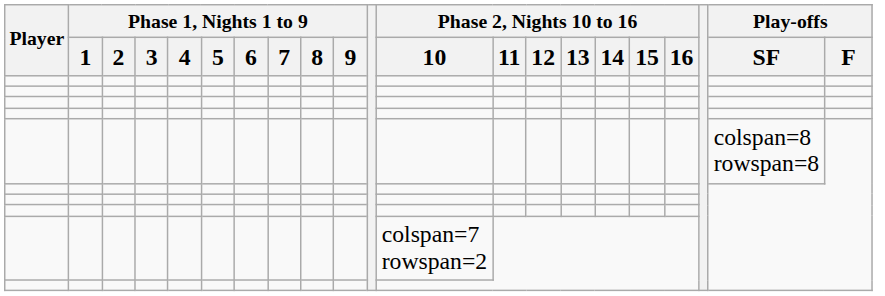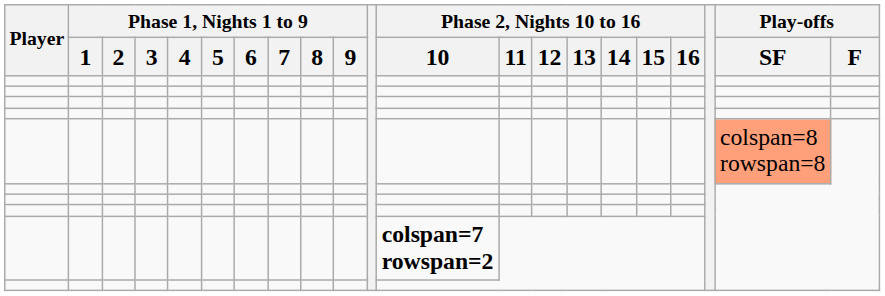 <table class="wikitable">
 <tr style="font-size:10pt;font-weight:bold">
 <th rowspan=2>Player</th>
 <th colspan=9>Phase 1, Nights 1 to 9</th>
 <th rowspan=12></th>
 <th colspan=7>Phase 2, Nights 10 to 16</th>
 <th rowspan=12></th>
 <th colspan=2 rowspan=1>Play-offs</th>
 </tr>
 <tr>
 <th style="width:15px;">1</th>
 <th style="width:15px;">2</th>
 <th style="width:15px;">3</th>
 <th style="width:15px;">4</th>
 <th style="width:15px;">5</th>
 <th style="width:15px;">6</th>
 <th style="width:15px;">7</th>
 <th style="width:15px;">8</th>
 <th style="width:15px;">9</th>
 <th style="width:15px;">10</th>
 <th style="width:15px;">11</th>
 <th style="width:15px;">12</th>
 <th style="width:15px;">13</th>
 <th style="width:15px;">14</th>
 <th style="width:15px;">15</th>
 <th style="width:15px;">16</th>
 <th style="width:25px;">SF</th>
 <th style="width:25px;">F</th>
 </tr>
 <tr>
 <td></td>
 <td></td>
 <td></td>
 <td></td>
 <td></td>
 <td></td>
 <td></td>
 <td></td>
 <td></td>
 <td></td>
 <td></td>
 <td></td>
 <td></td>
 <td></td>
 <td></td>
 <td></td>
 <td></td>
 <td></td>
 <td></td>
 </tr>
 <tr>
 <td></td>
 <td></td>
 <td></td>
 <td></td>
 <td></td>
 <td></td>
 <td></td>
 <td></td>
 <td></td>
 <td></td>
 <td></td>
 <td></td>
 <td></td>
 <td></td>
 <td></td>
 <td></td>
 <td></td>
 <td></td>
 <td></td>
 </tr>
 <tr>
 <td></td>
 <td></td>
 <td></td>
 <td></td>
 <td></td>
 <td></td>
 <td></td>
 <td></td>
 <td></td>
 <td></td>
 <td></td>
 <td></td>
 <td></td>
 <td></td>
 <td></td>
 <td></td>
 <td></td>
 <td></td>
 <td></td>
 </tr>
 <tr>
 <td></td>
 <td></td>
 <td></td>
 <td></td>
 <td></td>
 <td></td>
 <td></td>
 <td></td>
 <td></td>
 <td></td>
 <td></td>
 <td></td>
 <td></td>
 <td></td>
 <td></td>
 <td></td>
 <td></td>
 <td></td>
 <td></td>
 </tr>
 <tr>
 <td></td>
 <td></td>
 <td></td>
 <td></td>
 <td></td>
 <td></td>
 <td></td>
 <td></td>
 <td></td>
 <td></td>
 <td></td>
 <td></td>
 <td></td>
 <td></td>
 <td></td>
 <td></td>
 <td></td>
-<td>colspan=8 rowspan=8</td>
+<td style="background: lightsalmon;">colspan=8 rowspan=8</td>
 </tr>
 <tr>
 <td></td>
 <td></td>
 <td></td>
 <td></td>
 <td></td>
 <td></td>
 <td></td>
 <td></td>
 <td></td>
 <td></td>
 <td></td>
 <td></td>
 <td></td>
 <td></td>
 <td></td>
 <td></td>
 <td></td>
 </tr>
 <tr>
 <td></td>
 <td></td>
 <td></td>
 <td></td>
 <td></td>
 <td></td>
 <td></td>
 <td></td>
 <td></td>
 <td></td>
 <td></td>
 <td></td>
 <td></td>
 <td></td>
 <td></td>
 <td></td>
 <td></td>
 </tr>
 <tr>
 <td></td>
 <td></td>
 <td></td>
 <td></td>
 <td></td>
 <td></td>
 <td></td>
 <td></td>
 <td></td>
 <td></td>
 <td></td>
 <td></td>
 <td></td>
 <td></td>
 <td></td>
 <td></td>
 <td></td>
 </tr>
 <tr>
 <td></td>
 <td></td>
 <td></td>
 <td></td>
 <td></td>
 <td></td>
 <td></td>
 <td></td>
 <td></td>
 <td></td>
-<td>colspan=7 rowspan=2 </td>
+<td><strong>colspan=7 rowspan=2 </strong></td>
 </tr>
 <tr>
 <td></td>
 <td></td>
 <td></td>
 <td></td>
 <td></td>
 <td></td>
 <td></td>
 <td></td>
 <td></td>
 <td></td>
 </tr>
 </table>
